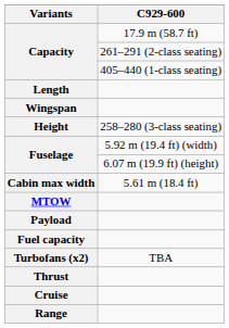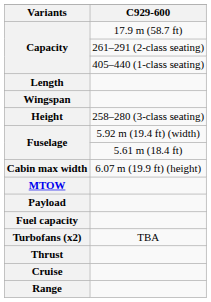 <table class="wikitable" style="text-align:center;">
 <tr>
 </tr>
 <tr>
 <th>Variants</th>
 <th>C929-600<br></th>
 </tr>
 <tr>
 <th rowspan=3>Capacity</th>
 <td>17.9 m (58.7 ft)</td>
 </tr>
 <tr>
 <td>261–291 (2-class seating)</td>
 </tr>
 <tr>
 <td>405–440 (1-class seating)</td>
 </tr>
 <tr>
 <th>Length</th>
 <td></td>
 </tr>
 <tr>
 <th>Wingspan</th>
 <td></td>
 </tr>
 <tr>
 <th>Height</th>
 <td>258–280 (3-class seating)</td>
 </tr>
 <tr>
 <th rowspan=2>Fuselage</th>
 <td>5.92 m (19.4 ft) (width)</td>
 </tr>
 <tr>
-<td>6.07 m (19.9 ft) (height)</td>
+<td>5.61 m (18.4 ft)</td>
 </tr>
 <tr>
 <th>Cabin max width</th>
-<td>5.61 m (18.4 ft)</td>
+<td>6.07 m (19.9 ft) (height)</td>
 </tr>
 <tr>
 <th><a href='#'>MTOW</a></th>
 <td><br></td>
 </tr>
 <tr>
 <th>Payload</th>
 <td></td>
 </tr>
 <tr>
 <th>Fuel capacity</th>
 <td></td>
 </tr>
 <tr>
 <th>Turbofans (x2)</th>
 <td>TBA</td>
 </tr>
 <tr>
 <th>Thrust</th>
 <td></td>
 </tr>
 <tr>
 <th>Cruise</th>
 <td></td>
 </tr>
 <tr>
 <th>Range</th>
 <td><br></td>
 </tr>
 </table>
